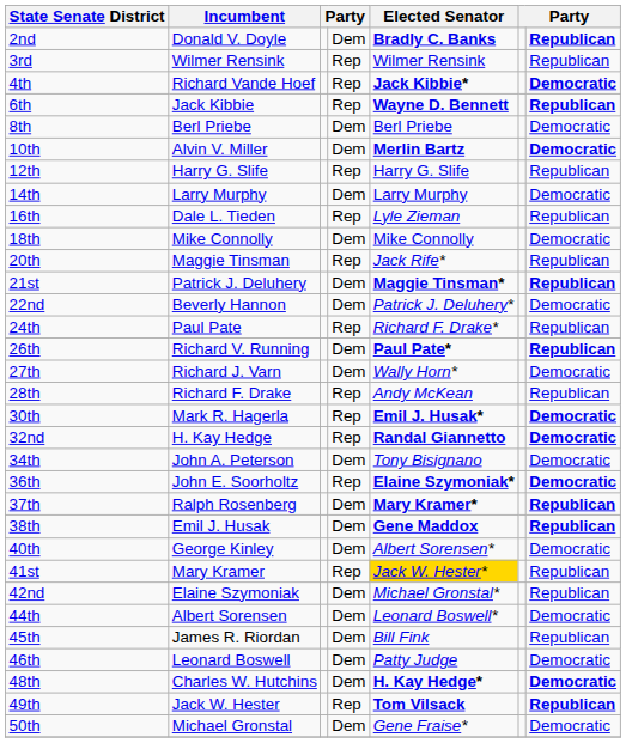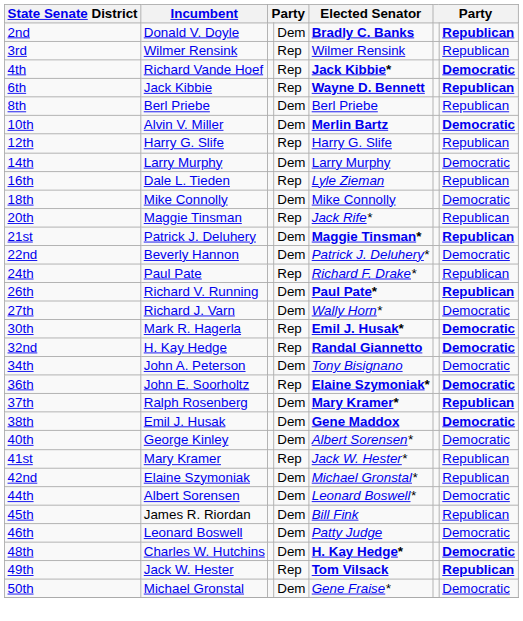 <table class="sortable wikitable" style="font-size:95%;line-height:14px;">
 <tr>
 <th class="unsortable"><a href='#'>State Senate</a> District</th>
 <th class="unsortable"><a href='#'>Incumbent</a></th>
 <th colspan="2">Party</th>
 <th class="unsortable">Elected Senator</th>
 <th colspan="2">Party</th>
 </tr>
 <tr>
 <td><a href='#'>2nd</a></td>
 <td><a href='#'>Donald V. Doyle</a></td>
 <td style="background:"></td>
 <td>Dem</td>
 <td><strong><a href='#'>Bradly C. Banks</a></strong></td>
 <td style="background:"></td>
 <td><strong><a href='#'>Republican</a></strong></td>
 </tr>
 <tr>
 <td><a href='#'>3rd</a></td>
 <td><a href='#'>Wilmer Rensink</a></td>
 <td style="background:"></td>
 <td>Rep</td>
 <td><a href='#'>Wilmer Rensink</a></td>
 <td style="background:"></td>
 <td><a href='#'>Republican</a></td>
 </tr>
 <tr>
 <td><a href='#'>4th</a></td>
 <td><a href='#'>Richard Vande Hoef</a></td>
 <td style="background:"></td>
 <td>Rep</td>
 <td><strong><a href='#'>Jack Kibbie</a>*</strong></td>
 <td style="background:"></td>
 <td><strong><a href='#'>Democratic</a></strong></td>
 </tr>
 <tr>
 <td><a href='#'>6th</a></td>
 <td><a href='#'>Jack Kibbie</a></td>
 <td style="background:"></td>
 <td>Rep</td>
 <td><strong><a href='#'>Wayne D. Bennett</a></strong></td>
 <td style="background:"></td>
 <td><strong><a href='#'>Republican</a></strong></td>
 </tr>
 <tr>
 <td><a href='#'>8th</a></td>
 <td><a href='#'>Berl Priebe</a></td>
 <td style="background:"></td>
 <td>Dem</td>
 <td><a href='#'>Berl Priebe</a></td>
 <td style="background:"></td>
-<td><a href='#'>Democratic</a></td>
+<td><a href='#'>Republican</a></td>
 </tr>
 <tr>
 <td><a href='#'>10th</a></td>
 <td><a href='#'>Alvin V. Miller</a></td>
 <td style="background:"></td>
 <td>Dem</td>
 <td><strong><a href='#'>Merlin Bartz</a></strong></td>
 <td style="background:"></td>
 <td><strong><a href='#'>Democratic</a></strong></td>
 </tr>
 <tr>
 <td><a href='#'>12th</a></td>
 <td><a href='#'>Harry G. Slife</a></td>
 <td style="background:"></td>
 <td>Rep</td>
 <td><a href='#'>Harry G. Slife</a></td>
 <td style="background:"></td>
 <td><a href='#'>Republican</a></td>
 </tr>
 <tr>
 <td><a href='#'>14th</a></td>
 <td><a href='#'>Larry Murphy</a></td>
 <td style="background:"></td>
 <td>Dem</td>
 <td><a href='#'>Larry Murphy</a></td>
 <td style="background:"></td>
 <td><a href='#'>Democratic</a></td>
 </tr>
 <tr>
 <td><a href='#'>16th</a></td>
 <td><a href='#'>Dale L. Tieden</a></td>
 <td style="background:"></td>
 <td>Rep</td>
 <td><em><a href='#'>Lyle Zieman</a></em></td>
 <td style="background:"></td>
 <td><a href='#'>Republican</a></td>
 </tr>
 <tr>
 <td><a href='#'>18th</a></td>
 <td><a href='#'>Mike Connolly</a></td>
 <td style="background:"></td>
 <td>Dem</td>
 <td><a href='#'>Mike Connolly</a></td>
 <td style="background:"></td>
 <td><a href='#'>Democratic</a></td>
 </tr>
 <tr>
 <td><a href='#'>20th</a></td>
 <td><a href='#'>Maggie Tinsman</a></td>
 <td style="background:"></td>
 <td>Rep</td>
 <td><em><a href='#'>Jack Rife</a>*</em></td>
 <td style="background:"></td>
 <td><a href='#'>Republican</a></td>
 </tr>
 <tr>
 <td><a href='#'>21st</a></td>
 <td><a href='#'>Patrick J. Deluhery</a></td>
 <td style="background:"></td>
 <td>Dem</td>
 <td><strong><a href='#'>Maggie Tinsman</a>*</strong></td>
 <td style="background:"></td>
 <td><strong><a href='#'>Republican</a></strong></td>
 </tr>
 <tr>
 <td><a href='#'>22nd</a></td>
 <td><a href='#'>Beverly Hannon</a></td>
 <td style="background:"></td>
 <td>Dem</td>
 <td><em><a href='#'>Patrick J. Deluhery</a>*</em></td>
 <td style="background:"></td>
 <td><a href='#'>Democratic</a></td>
 </tr>
 <tr>
 <td><a href='#'>24th</a></td>
 <td><a href='#'>Paul Pate</a></td>
 <td style="background:"></td>
 <td>Rep</td>
 <td><em><a href='#'>Richard F. Drake</a>*</em></td>
 <td style="background:"></td>
 <td><a href='#'>Republican</a></td>
 </tr>
 <tr>
 <td><a href='#'>26th</a></td>
 <td><a href='#'>Richard V. Running</a></td>
 <td style="background:"></td>
 <td>Dem</td>
 <td><strong><a href='#'>Paul Pate</a>*</strong></td>
 <td style="background:"></td>
 <td><strong><a href='#'>Republican</a></strong></td>
 </tr>
 <tr>
 <td><a href='#'>27th</a></td>
 <td><a href='#'>Richard J. Varn</a></td>
 <td style="background:"></td>
 <td>Dem</td>
 <td><em><a href='#'>Wally Horn</a>*</em></td>
 <td style="background:"></td>
 <td><a href='#'>Democratic</a></td>
 </tr>
 <tr>
-<td><a href='#'>28th</a></td>
-<td><a href='#'>Richard F. Drake</a></td>
-<td style="background:"></td>
-<td>Rep</td>
-<td><em><a href='#'>Andy McKean</a></em></td>
-<td style="background:"></td>
-<td><a href='#'>Republican</a></td>
-</tr>
-<tr>
 <td><a href='#'>30th</a></td>
 <td><a href='#'>Mark R. Hagerla</a></td>
 <td style="background:"></td>
 <td>Rep</td>
 <td><strong><a href='#'>Emil J. Husak</a>*</strong></td>
 <td style="background:"></td>
 <td><strong><a href='#'>Democratic</a></strong></td>
 </tr>
 <tr>
 <td><a href='#'>32nd</a></td>
 <td><a href='#'>H. Kay Hedge</a></td>
 <td style="background:"></td>
 <td>Rep</td>
 <td><strong><a href='#'>Randal Giannetto</a></strong></td>
 <td style="background:"></td>
 <td><strong><a href='#'>Democratic</a></strong></td>
 </tr>
 <tr>
 <td><a href='#'>34th</a></td>
 <td><a href='#'>John A. Peterson</a></td>
 <td style="background:"></td>
 <td>Dem</td>
 <td><em><a href='#'>Tony Bisignano</a></em></td>
 <td style="background:"></td>
 <td><a href='#'>Democratic</a></td>
 </tr>
 <tr>
 <td><a href='#'>36th</a></td>
 <td><a href='#'>John E. Soorholtz</a></td>
 <td style="background:"></td>
 <td>Rep</td>
 <td><strong><a href='#'>Elaine Szymoniak</a>*</strong></td>
 <td style="background:"></td>
 <td><strong><a href='#'>Democratic</a></strong></td>
 </tr>
 <tr>
 <td><a href='#'>37th</a></td>
 <td><a href='#'>Ralph Rosenberg</a></td>
 <td style="background:"></td>
 <td>Dem</td>
 <td><strong><a href='#'>Mary Kramer</a>*</strong></td>
 <td style="background:"></td>
 <td><strong><a href='#'>Republican</a></strong></td>
 </tr>
 <tr>
 <td><a href='#'>38th</a></td>
 <td><a href='#'>Emil J. Husak</a></td>
 <td style="background:"></td>
 <td>Dem</td>
 <td><strong><a href='#'>Gene Maddox</a></strong></td>
 <td style="background:"></td>
-<td><strong><a href='#'>Republican</a></strong></td>
+<td><strong><a href='#'>Democratic</a></strong></td>
 </tr>
 <tr>
 <td><a href='#'>40th</a></td>
 <td><a href='#'>George Kinley</a></td>
 <td style="background:"></td>
 <td>Dem</td>
 <td><em><a href='#'>Albert Sorensen</a>*</em></td>
 <td style="background:"></td>
 <td><a href='#'>Democratic</a></td>
 </tr>
 <tr>
 <td><a href='#'>41st</a></td>
 <td><a href='#'>Mary Kramer</a></td>
 <td style="background:"></td>
 <td>Rep</td>
-<td style="background: gold;"><em><a href='#'>Jack W. Hester</a>*</em></td>
+<td><em><a href='#'>Jack W. Hester</a>*</em></td>
 <td style="background:"></td>
 <td><a href='#'>Republican</a></td>
 </tr>
 <tr>
 <td><a href='#'>42nd</a></td>
 <td><a href='#'>Elaine Szymoniak</a></td>
 <td style="background:"></td>
 <td>Dem</td>
 <td><em><a href='#'>Michael Gronstal</a>*</em></td>
 <td style="background:"></td>
 <td><a href='#'>Republican</a></td>
 </tr>
 <tr>
 <td><a href='#'>44th</a></td>
 <td><a href='#'>Albert Sorensen</a></td>
 <td style="background:"></td>
 <td>Dem</td>
 <td><em><a href='#'>Leonard Boswell</a>*</em></td>
 <td style="background:"></td>
 <td><a href='#'>Democratic</a></td>
 </tr>
 <tr>
 <td><a href='#'>45th</a></td>
 <td>James R. Riordan</td>
 <td style="background:"></td>
 <td>Dem</td>
 <td><em><a href='#'>Bill Fink</a></em></td>
 <td style="background:"></td>
 <td><a href='#'>Republican</a></td>
 </tr>
 <tr>
 <td><a href='#'>46th</a></td>
 <td><a href='#'>Leonard Boswell</a></td>
 <td style="background:"></td>
 <td>Dem</td>
 <td><em><a href='#'>Patty Judge</a></em></td>
 <td style="background:"></td>
 <td><a href='#'>Democratic</a></td>
 </tr>
 <tr>
 <td><a href='#'>48th</a></td>
 <td><a href='#'>Charles W. Hutchins</a></td>
 <td style="background:"></td>
 <td>Dem</td>
 <td><strong><a href='#'>H. Kay Hedge</a>*</strong></td>
 <td style="background:"></td>
 <td><strong><a href='#'>Democratic</a></strong></td>
 </tr>
 <tr>
 <td><a href='#'>49th</a></td>
 <td><a href='#'>Jack W. Hester</a></td>
 <td style="background:"></td>
 <td>Rep</td>
 <td><strong><a href='#'>Tom Vilsack</a></strong></td>
 <td style="background:"></td>
 <td><strong><a href='#'>Republican</a></strong></td>
 </tr>
 <tr>
 <td><a href='#'>50th</a></td>
 <td><a href='#'>Michael Gronstal</a></td>
 <td style="background:"></td>
 <td>Dem</td>
 <td><em><a href='#'>Gene Fraise</a>*</em></td>
 <td style="background:"></td>
 <td><a href='#'>Democratic</a></td>
 </tr>
 <tr>
 </tr>
 </table>
